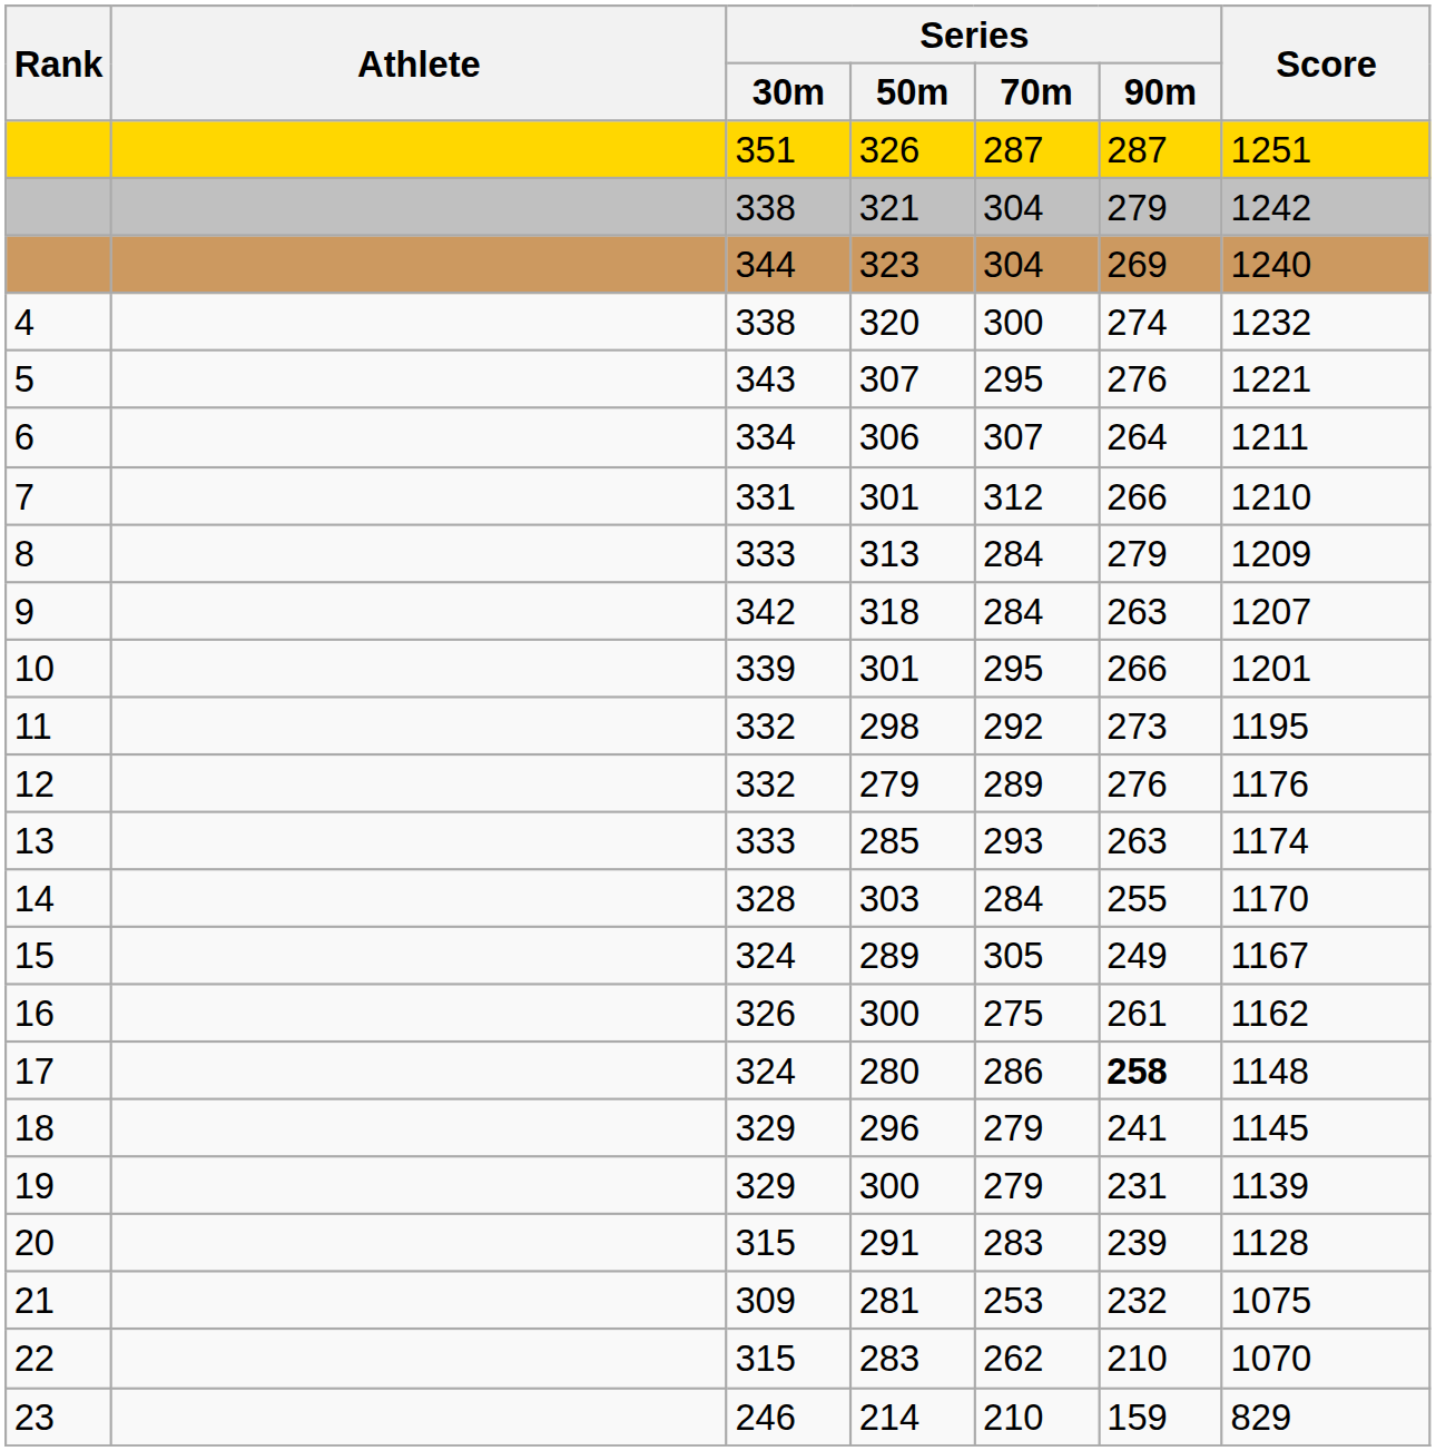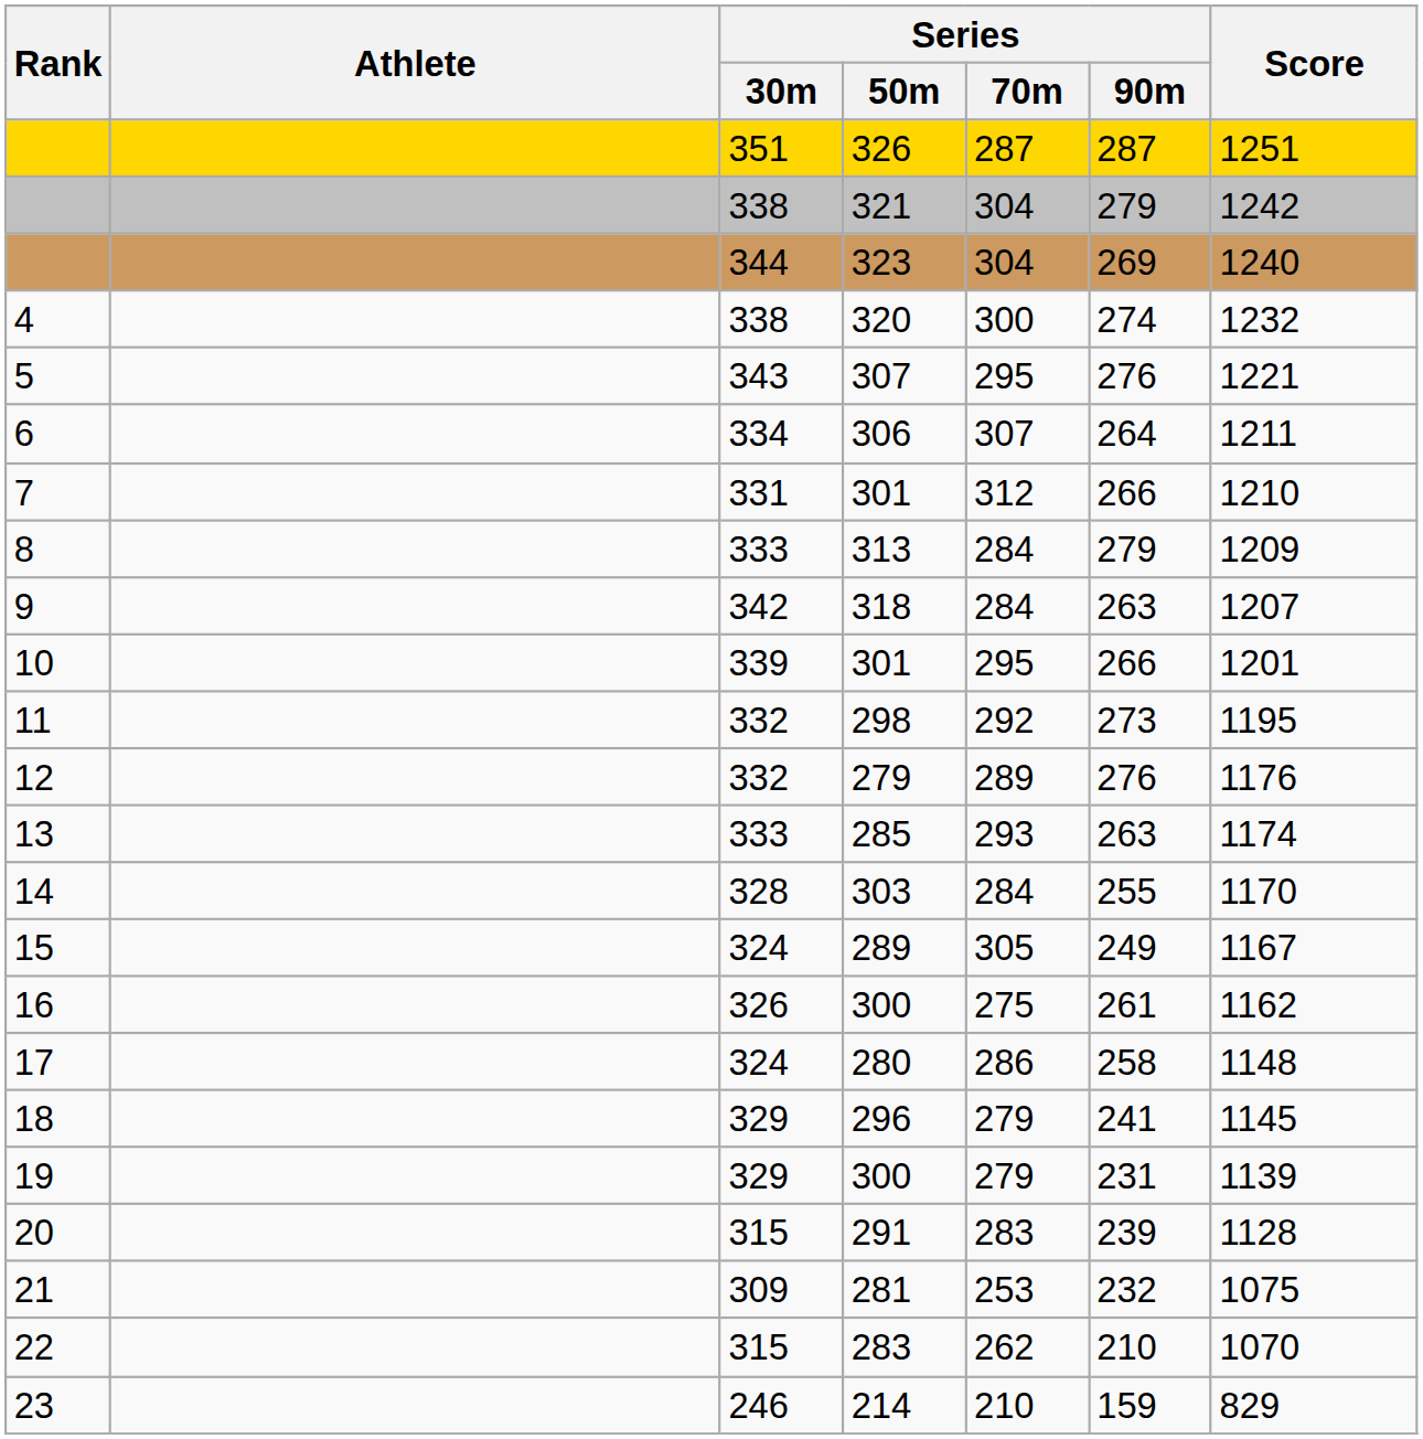 <table class="wikitable" style="font-size:95%" style="width:35em;" style="text-align:center">
 <tr>
 <th rowspan=2>Rank</th>
 <th rowspan=2 width=250>Athlete</th>
 <th colspan=4 width=200>Series</th>
 <th rowspan=2 width=80>Score</th>
 </tr>
 <tr>
 <th>30m</th>
 <th>50m</th>
 <th>70m</th>
 <th>90m</th>
 </tr>
 <tr bgcolor=gold>
 <td></td>
 <td align=left></td>
 <td>351</td>
 <td>326</td>
 <td>287</td>
 <td>287</td>
 <td>1251</td>
 </tr>
 <tr bgcolor=silver>
 <td></td>
 <td align=left></td>
 <td>338</td>
 <td>321</td>
 <td>304</td>
 <td>279</td>
 <td>1242</td>
 </tr>
 <tr bgcolor=cc996>
 <td></td>
 <td align=left></td>
 <td>344</td>
 <td>323</td>
 <td>304</td>
 <td>269</td>
 <td>1240</td>
 </tr>
 <tr>
 <td>4</td>
 <td align=left></td>
 <td>338</td>
 <td>320</td>
 <td>300</td>
 <td>274</td>
 <td>1232</td>
 </tr>
 <tr>
 <td>5</td>
 <td align=left></td>
 <td>343</td>
 <td>307</td>
 <td>295</td>
 <td>276</td>
 <td>1221</td>
 </tr>
 <tr>
 <td>6</td>
 <td align=left></td>
 <td>334</td>
 <td>306</td>
 <td>307</td>
 <td>264</td>
 <td>1211</td>
 </tr>
 <tr>
 <td>7</td>
 <td align=left></td>
 <td>331</td>
 <td>301</td>
 <td>312</td>
 <td>266</td>
 <td>1210</td>
 </tr>
 <tr>
 <td>8</td>
 <td align=left></td>
 <td>333</td>
 <td>313</td>
 <td>284</td>
 <td>279</td>
 <td>1209</td>
 </tr>
 <tr>
 <td>9</td>
 <td align=left></td>
 <td>342</td>
 <td>318</td>
 <td>284</td>
 <td>263</td>
 <td>1207</td>
 </tr>
 <tr>
 <td>10</td>
 <td align=left></td>
 <td>339</td>
 <td>301</td>
 <td>295</td>
 <td>266</td>
 <td>1201</td>
 </tr>
 <tr>
 <td>11</td>
 <td align=left></td>
 <td>332</td>
 <td>298</td>
 <td>292</td>
 <td>273</td>
 <td>1195</td>
 </tr>
 <tr>
 <td>12</td>
 <td align=left></td>
 <td>332</td>
 <td>279</td>
 <td>289</td>
 <td>276</td>
 <td>1176</td>
 </tr>
 <tr>
 <td>13</td>
 <td align=left></td>
 <td>333</td>
 <td>285</td>
 <td>293</td>
 <td>263</td>
 <td>1174</td>
 </tr>
 <tr>
 <td>14</td>
 <td align=left></td>
 <td>328</td>
 <td>303</td>
 <td>284</td>
 <td>255</td>
 <td>1170</td>
 </tr>
 <tr>
 <td>15</td>
 <td align=left></td>
 <td>324</td>
 <td>289</td>
 <td>305</td>
 <td>249</td>
 <td>1167</td>
 </tr>
 <tr>
 <td>16</td>
 <td align=left></td>
 <td>326</td>
 <td>300</td>
 <td>275</td>
 <td>261</td>
 <td>1162</td>
 </tr>
 <tr>
 <td>17</td>
 <td align=left></td>
 <td>324</td>
 <td>280</td>
 <td>286</td>
-<td><strong>258</strong></td>
+<td>258</td>
 <td>1148</td>
 </tr>
 <tr>
 <td>18</td>
 <td align=left></td>
 <td>329</td>
 <td>296</td>
 <td>279</td>
 <td>241</td>
 <td>1145</td>
 </tr>
 <tr>
 <td>19</td>
 <td align=left></td>
 <td>329</td>
 <td>300</td>
 <td>279</td>
 <td>231</td>
 <td>1139</td>
 </tr>
 <tr>
 <td>20</td>
 <td align=left></td>
 <td>315</td>
 <td>291</td>
 <td>283</td>
 <td>239</td>
 <td>1128</td>
 </tr>
 <tr>
 <td>21</td>
 <td align=left></td>
 <td>309</td>
 <td>281</td>
 <td>253</td>
 <td>232</td>
 <td>1075</td>
 </tr>
 <tr>
 <td>22</td>
 <td align=left></td>
 <td>315</td>
 <td>283</td>
 <td>262</td>
 <td>210</td>
 <td>1070</td>
 </tr>
 <tr>
 <td>23</td>
 <td align=left></td>
 <td>246</td>
 <td>214</td>
 <td>210</td>
 <td>159</td>
 <td>829</td>
 </tr>
 <tr>
 </tr>
 </table>
